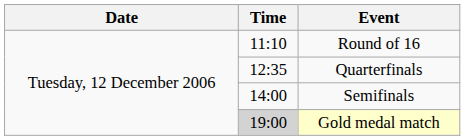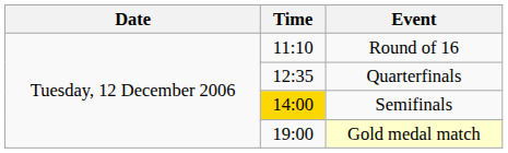 <table class = "wikitable" style="text-align:center;">
 <tr>
 <th width=220>Date</th>
 <th width=50>Time</th>
 <th width=150>Event</th>
 </tr>
 <tr>
 <td rowspan=4>Tuesday, 12 December 2006</td>
 <td>11:10</td>
 <td>Round of 16</td>
 </tr>
 <tr>
 <td>12:35</td>
 <td>Quarterfinals</td>
 </tr>
 <tr>
-<td>14:00</td>
+<td style="background: gold;">14:00</td>
 <td>Semifinals</td>
 </tr>
 <tr>
-<td style="background: lightgrey;">19:00</td>
+<td>19:00</td>
 <td bgcolor=ffffcc>Gold medal match</td>
 </tr>
 </table>
